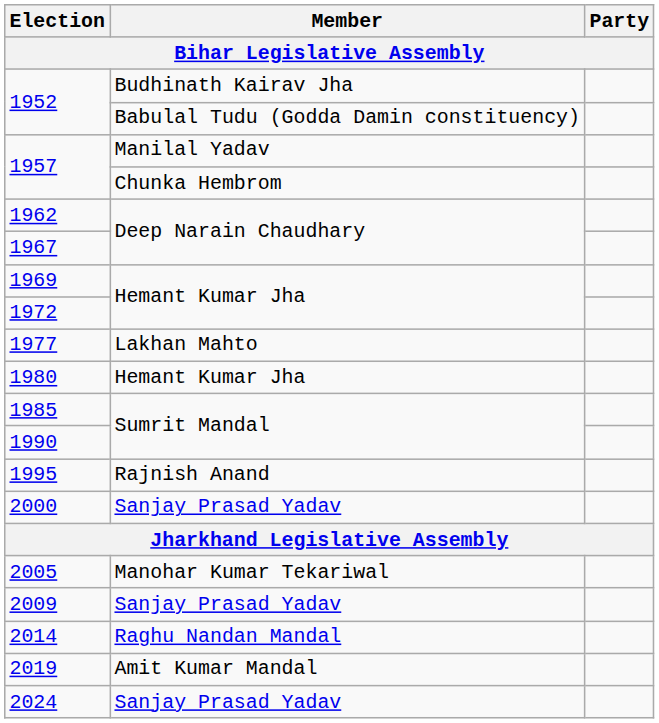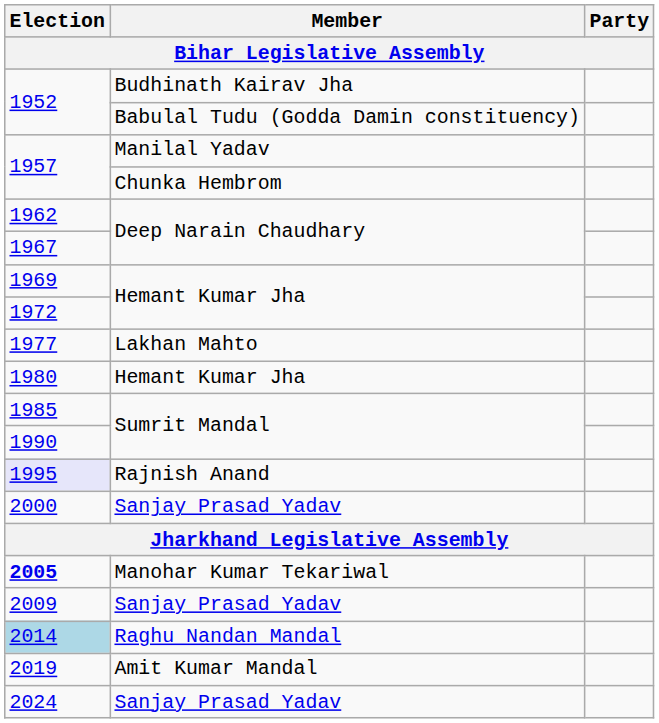 <table class="wikitable sortable">
 <tr>
 <th>Election</th>
 <th>Member</th>
 <th colspan=2>Party</th>
 </tr>
 <tr>
 <th colspan=4><a href='#'>Bihar Legislative Assembly</a></th>
 </tr>
 <tr>
 <td rowspan=2><a href='#'>1952</a></td>
 <td>Budhinath Kairav Jha</td>
 <td></td>
 </tr>
 <tr>
 <td>Babulal Tudu (Godda Damin constituency)</td>
 <td></td>
 </tr>
 <tr>
 <td rowspan=2><a href='#'>1957</a></td>
 <td>Manilal Yadav</td>
 <td></td>
 </tr>
 <tr>
 <td>Chunka Hembrom</td>
 <td></td>
 </tr>
 <tr>
 <td><a href='#'>1962</a></td>
 <td rowspan=2>Deep Narain Chaudhary</td>
 <td></td>
 </tr>
 <tr>
 <td><a href='#'>1967</a></td>
 </tr>
 <tr>
 <td><a href='#'>1969</a></td>
 <td rowspan=2>Hemant Kumar Jha</td>
 <td></td>
 </tr>
 <tr>
 <td><a href='#'>1972</a></td>
 <td></td>
 </tr>
 <tr>
 <td><a href='#'>1977</a></td>
 <td>Lakhan Mahto</td>
 <td></td>
 </tr>
 <tr>
 <td><a href='#'>1980</a></td>
 <td>Hemant Kumar Jha</td>
 <td></td>
 </tr>
 <tr>
 <td><a href='#'>1985</a></td>
 <td rowspan=2>Sumrit Mandal</td>
 <td></td>
 </tr>
 <tr>
 <td><a href='#'>1990</a></td>
 </tr>
 <tr>
-<td><a href='#'>1995</a></td>
+<td style="background: lavender;"><a href='#'>1995</a></td>
 <td>Rajnish Anand</td>
 <td></td>
 </tr>
 <tr>
 <td><a href='#'>2000</a></td>
 <td><a href='#'>Sanjay Prasad Yadav</a></td>
 <td></td>
 </tr>
 <tr>
 <th colspan=4><a href='#'>Jharkhand Legislative Assembly</a></th>
 </tr>
 <tr>
-<td><a href='#'>2005</a></td>
+<td><strong><a href='#'>2005</a></strong></td>
 <td>Manohar Kumar Tekariwal</td>
 <td></td>
 </tr>
 <tr>
 <td><a href='#'>2009</a></td>
 <td><a href='#'>Sanjay Prasad Yadav</a></td>
 <td></td>
 </tr>
 <tr>
-<td><a href='#'>2014</a></td>
+<td style="background: lightblue;"><a href='#'>2014</a></td>
 <td><a href='#'>Raghu Nandan Mandal</a></td>
 <td></td>
 </tr>
 <tr>
 <td><a href='#'>2019</a></td>
 <td>Amit Kumar Mandal</td>
 </tr>
 <tr>
 <td><a href='#'>2024</a></td>
 <td><a href='#'>Sanjay Prasad Yadav</a></td>
 <td></td>
 </tr>
 </table>
